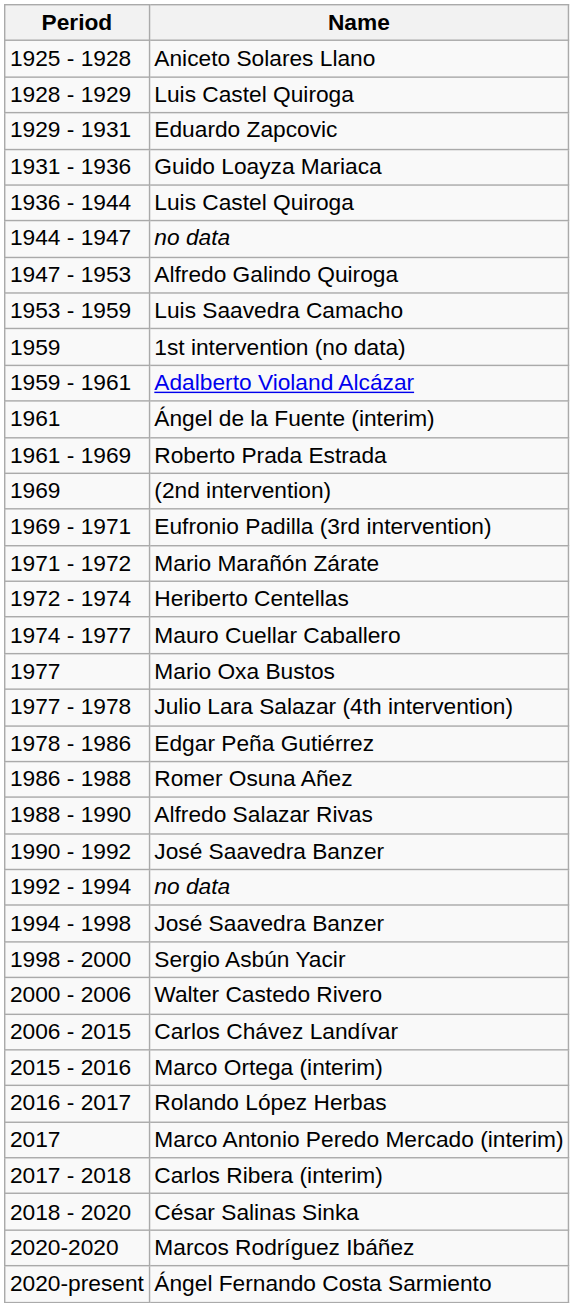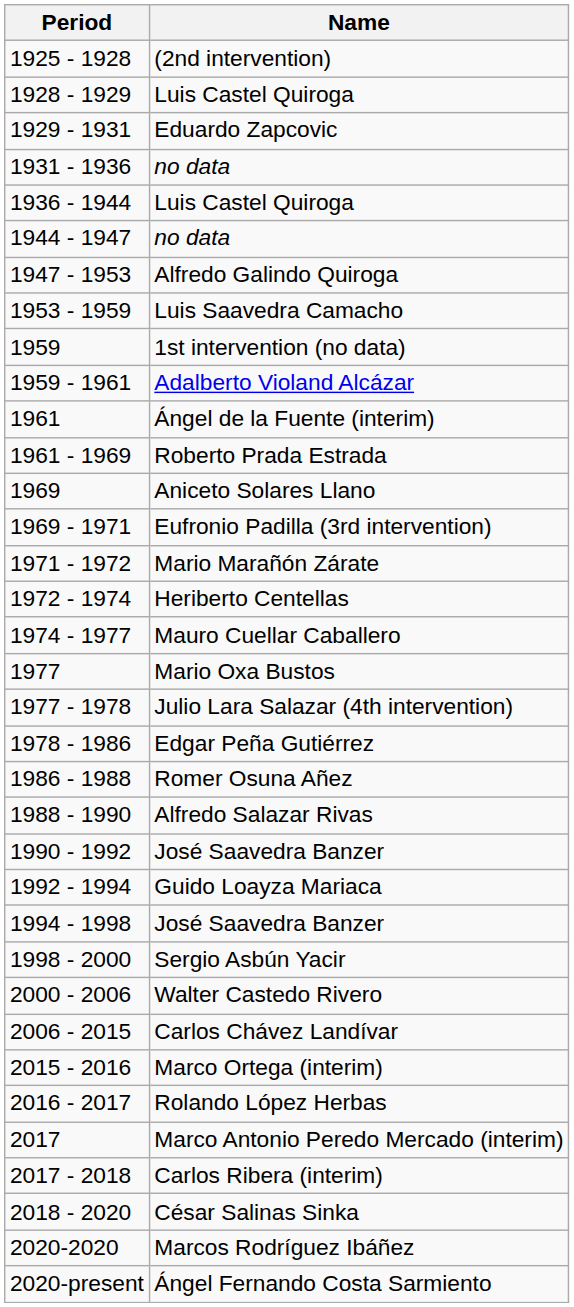 <table class="wikitable">
 <tr>
 <th>Period</th>
 <th>Name</th>
 </tr>
 <tr>
 <td>1925 - 1928</td>
-<td>Aniceto Solares Llano</td>
+<td> (2nd intervention)</td>
 </tr>
 <tr>
 <td>1928 - 1929</td>
 <td>Luis Castel Quiroga</td>
 </tr>
 <tr>
 <td>1929 - 1931</td>
 <td>Eduardo Zapcovic</td>
 </tr>
 <tr>
 <td>1931 - 1936</td>
-<td>Guido Loayza Mariaca</td>
+<td><em>no data</em></td>
 </tr>
 <tr>
 <td>1936 - 1944</td>
 <td>Luis Castel Quiroga</td>
 </tr>
 <tr>
 <td>1944 - 1947</td>
 <td><em>no data</em></td>
 </tr>
 <tr>
 <td>1947 - 1953</td>
 <td>Alfredo Galindo Quiroga</td>
 </tr>
 <tr>
 <td>1953 - 1959</td>
 <td>Luis Saavedra Camacho</td>
 </tr>
 <tr>
 <td>1959</td>
 <td>1st intervention (no data)</td>
 </tr>
 <tr>
 <td>1959 - 1961</td>
 <td><a href='#'>Adalberto Violand Alcázar</a></td>
 </tr>
 <tr>
 <td>1961</td>
 <td>Ángel de la Fuente (interim)</td>
 </tr>
 <tr>
 <td>1961 - 1969</td>
 <td>Roberto Prada Estrada</td>
 </tr>
 <tr>
 <td>1969</td>
-<td> (2nd intervention)</td>
+<td>Aniceto Solares Llano</td>
 </tr>
 <tr>
 <td>1969 - 1971</td>
 <td>Eufronio Padilla (3rd intervention)</td>
 </tr>
 <tr>
 <td>1971 - 1972</td>
 <td>Mario Marañón Zárate</td>
 </tr>
 <tr>
 <td>1972 - 1974</td>
 <td>Heriberto Centellas</td>
 </tr>
 <tr>
 <td>1974 - 1977</td>
 <td>Mauro Cuellar Caballero</td>
 </tr>
 <tr>
 <td>1977</td>
 <td>Mario Oxa Bustos</td>
 </tr>
 <tr>
 <td>1977 - 1978</td>
 <td>Julio Lara Salazar (4th intervention)</td>
 </tr>
 <tr>
 <td>1978 - 1986</td>
 <td>Edgar Peña Gutiérrez</td>
 </tr>
 <tr>
 <td>1986 - 1988</td>
 <td>Romer Osuna Añez</td>
 </tr>
 <tr>
 <td>1988 - 1990</td>
 <td>Alfredo Salazar Rivas</td>
 </tr>
 <tr>
 <td>1990 - 1992</td>
 <td>José Saavedra Banzer</td>
 </tr>
 <tr>
 <td>1992 - 1994</td>
-<td><em>no data</em></td>
+<td>Guido Loayza Mariaca</td>
 </tr>
 <tr>
 <td>1994 - 1998</td>
 <td>José Saavedra Banzer</td>
 </tr>
 <tr>
 <td>1998 - 2000</td>
 <td>Sergio Asbún Yacir</td>
 </tr>
 <tr>
 <td>2000 - 2006</td>
 <td>Walter Castedo Rivero</td>
 </tr>
 <tr>
 <td>2006 - 2015</td>
 <td>Carlos Chávez Landívar</td>
 </tr>
 <tr>
 <td>2015 - 2016</td>
 <td>Marco Ortega (interim)</td>
 </tr>
 <tr>
 <td>2016 - 2017</td>
 <td>Rolando López Herbas</td>
 </tr>
 <tr>
 <td>2017</td>
 <td>Marco Antonio Peredo Mercado (interim)</td>
 </tr>
 <tr>
 <td>2017 - 2018</td>
 <td>Carlos Ribera (interim)</td>
 </tr>
 <tr>
 <td>2018 - 2020</td>
 <td>César Salinas Sinka</td>
 </tr>
 <tr>
 <td>2020-2020</td>
 <td>Marcos Rodríguez Ibáñez</td>
 </tr>
 <tr>
 <td>2020-present</td>
 <td>Ángel Fernando Costa Sarmiento</td>
 </tr>
 </table>
